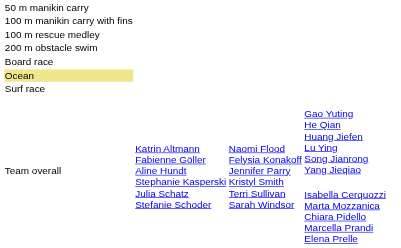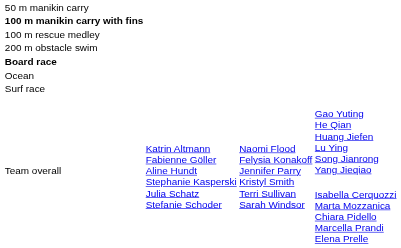 <table>
 <tr>
 <td>50 m manikin carry<br></td>
 <td></td>
 <td></td>
 <td></td>
 </tr>
 <tr>
-<td>100 m manikin carry with fins<br></td>
+<td><strong>100 m manikin carry with fins<br></strong></td>
 <td></td>
 <td></td>
 <td></td>
 </tr>
 <tr>
 <td>100 m rescue medley<br></td>
 <td></td>
 <td></td>
 <td></td>
 </tr>
 <tr>
 <td>200 m obstacle swim<br></td>
 <td></td>
 <td></td>
 <td></td>
 </tr>
 <tr>
-<td>Board race<br></td>
+<td><strong>Board race<br></strong></td>
 <td></td>
 <td></td>
 <td></td>
 </tr>
 <tr>
-<td style="background: khaki;">Ocean<br></td>
+<td>Ocean<br></td>
 <td></td>
 <td></td>
 <td></td>
 </tr>
 <tr>
 <td>Surf race<br></td>
 <td></td>
 <td></td>
 <td></td>
 </tr>
 <tr>
 <td rowspan=2>Team overall<br></td>
 <td rowspan=2><br><a href='#'>Katrin Altmann</a><br><a href='#'>Fabienne Göller</a><br><a href='#'>Aline Hundt</a><br><a href='#'>Stephanie Kasperski</a><br><a href='#'>Julia Schatz</a><br><a href='#'>Stefanie Schoder</a></td>
 <td rowspan=2><br><a href='#'>Naomi Flood</a><br><a href='#'>Felysia Konakoff</a><br><a href='#'>Jennifer Parry</a><br><a href='#'>Kristyl Smith</a><br><a href='#'>Terri Sullivan</a><br><a href='#'>Sarah Windsor</a></td>
 <td><br><a href='#'>Gao Yuting</a><br><a href='#'>He Qian</a><br><a href='#'>Huang Jiefen</a><br><a href='#'>Lu Ying</a><br><a href='#'>Song Jianrong</a><br><a href='#'>Yang Jieqiao</a></td>
 </tr>
 <tr>
 <td><br><a href='#'>Isabella Cerquozzi</a><br><a href='#'>Marta Mozzanica</a><br><a href='#'>Chiara Pidello</a><br><a href='#'>Marcella Prandi</a><br><a href='#'>Elena Prelle</a></td>
 </tr>
 </table>
